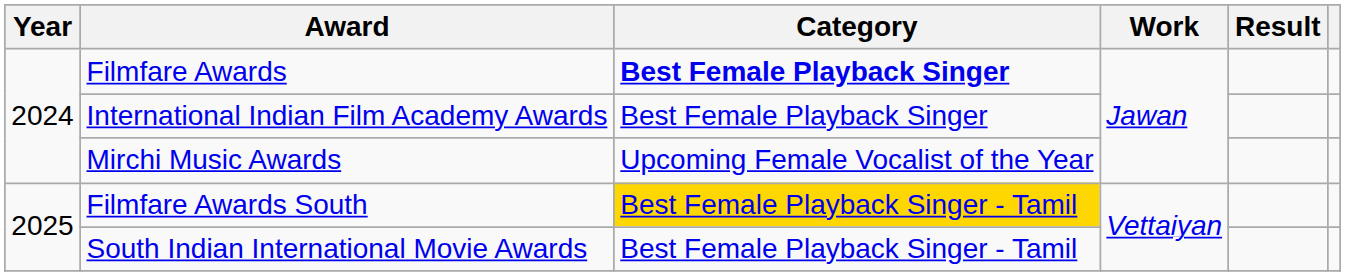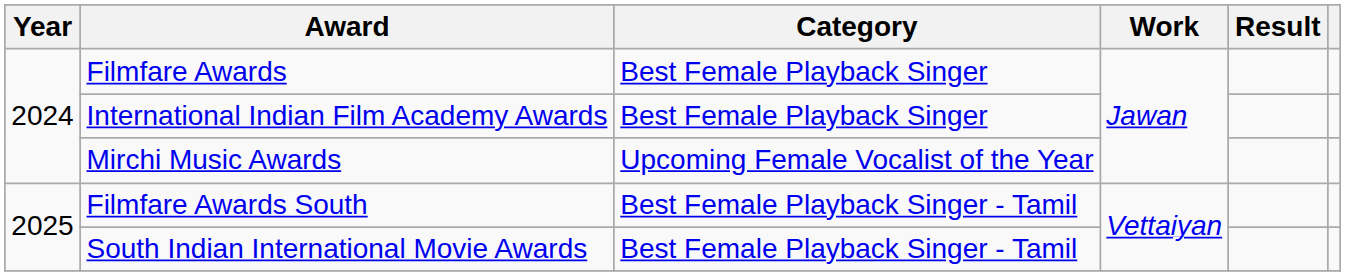 <table class="wikitable plainrowheaders sortable">
 <tr>
 <th scope="col">Year</th>
 <th scope="col">Award</th>
 <th scope="col">Category</th>
 <th scope="col">Work</th>
 <th scope="col">Result</th>
 <th scope="col" class="unsortable"></th>
 </tr>
 <tr>
 <td rowspan='3'>2024</td>
 <td><a href='#'>Filmfare Awards</a></td>
-<td><strong><a href='#'>Best Female Playback Singer</a></strong></td>
+<td><a href='#'>Best Female Playback Singer</a></td>
 <td rowspan='3'><em><a href='#'>Jawan</a></em></td>
 <td></td>
 <td></td>
 </tr>
 <tr>
 <td><a href='#'>International Indian Film Academy Awards</a></td>
 <td><a href='#'>Best Female Playback Singer</a></td>
 <td></td>
 <td></td>
 </tr>
 <tr>
 <td><a href='#'>Mirchi Music Awards</a></td>
 <td><a href='#'>Upcoming Female Vocalist of the Year</a></td>
 <td></td>
 <td></td>
 </tr>
 <tr>
 <td rowspan='2'>2025</td>
 <td><a href='#'>Filmfare Awards South</a></td>
-<td style="background: gold;"><a href='#'>Best Female Playback Singer - Tamil</a></td>
+<td><a href='#'>Best Female Playback Singer - Tamil</a></td>
 <td rowspan='2'><em><a href='#'>Vettaiyan</a></em></td>
 <td></td>
 </tr>
 <tr>
 <td><a href='#'>South Indian International Movie Awards</a></td>
 <td><a href='#'>Best Female Playback Singer - Tamil</a></td>
 <td></td>
 <td></td>
 </tr>
 </table>
